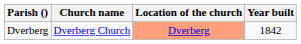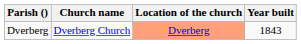 <table class="wikitable" style="text-align:center">
 <tr>
 <th>Parish ()</th>
 <th>Church name</th>
 <th>Location of the church</th>
 <th>Year built</th>
 </tr>
 <tr>
 <td rowspan="1">Dverberg</td>
 <td><a href='#'>Dverberg Church</a></td>
 <td style="background: lightsalmon;"><a href='#'>Dverberg</a></td>
-<td>1842</td>
+<td>1843</td>
 </tr>
 </table>
